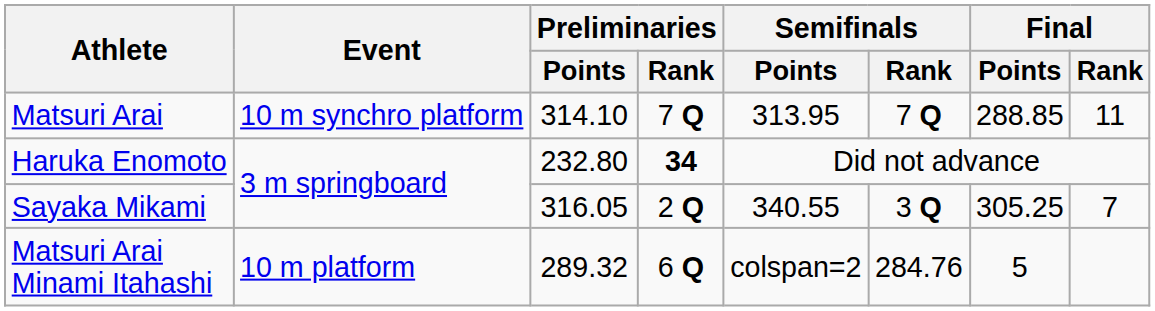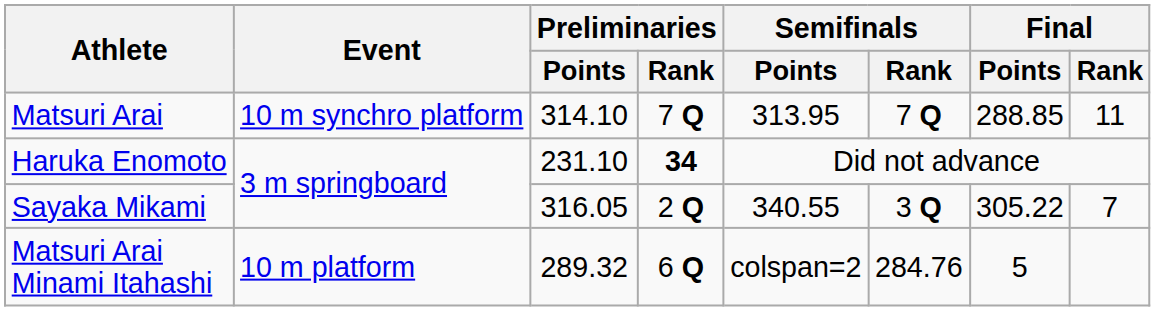 <table class="wikitable" style="text-align:center; font-size:90%">
 <tr>
 <th rowspan=2>Athlete</th>
 <th rowspan=2>Event</th>
 <th colspan=2>Preliminaries</th>
 <th colspan=2>Semifinals</th>
 <th colspan=2>Final</th>
 </tr>
 <tr style="font-size:95%">
 <th>Points</th>
 <th>Rank</th>
 <th>Points</th>
 <th>Rank</th>
 <th>Points</th>
 <th>Rank</th>
 </tr>
 <tr>
 <td align=left><a href='#'>Matsuri Arai</a></td>
 <td align=left><a href='#'>10 m synchro platform</a></td>
 <td>314.10</td>
 <td>7 <strong>Q</strong></td>
 <td>313.95</td>
 <td>7 <strong>Q</strong></td>
 <td>288.85</td>
 <td>11</td>
 </tr>
 <tr>
 <td align=left><a href='#'>Haruka Enomoto</a></td>
 <td align=left rowspan=2><a href='#'>3 m springboard</a></td>
-<td>232.80</td>
+<td>231.10</td>
 <td><strong>34</strong></td>
 <td colspan=4>Did not advance</td>
 </tr>
 <tr>
 <td align=left><a href='#'>Sayaka Mikami</a></td>
 <td>316.05</td>
 <td>2 <strong>Q</strong></td>
 <td>340.55</td>
 <td>3 <strong>Q</strong></td>
-<td>305.25</td>
+<td>305.22</td>
 <td>7</td>
 </tr>
 <tr>
 <td align=left><a href='#'>Matsuri Arai</a><br> <a href='#'>Minami Itahashi</a></td>
 <td align=left><a href='#'>10 m platform</a></td>
 <td>289.32</td>
 <td>6 <strong>Q</strong></td>
 <td>colspan=2 </td>
 <td>284.76</td>
 <td>5</td>
 </tr>
 </table>
